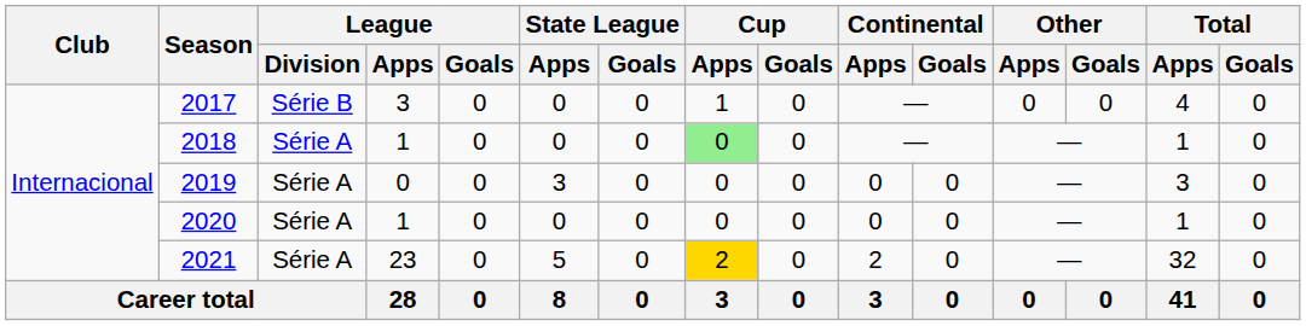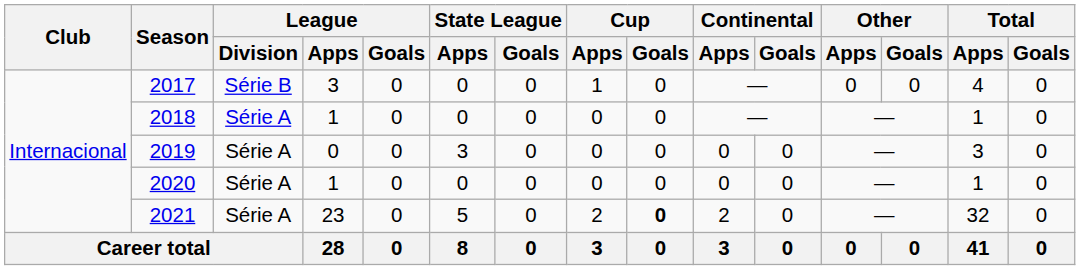 <table class="wikitable" style="text-align: center;">
 <tr>
 <th rowspan="2">Club</th>
 <th rowspan="2">Season</th>
 <th colspan="3">League</th>
 <th colspan="2">State League</th>
 <th colspan="2">Cup</th>
 <th colspan="2">Continental</th>
 <th colspan="2">Other</th>
 <th colspan="2">Total</th>
 </tr>
 <tr>
 <th>Division</th>
 <th>Apps</th>
 <th>Goals</th>
 <th>Apps</th>
 <th>Goals</th>
 <th>Apps</th>
 <th>Goals</th>
 <th>Apps</th>
 <th>Goals</th>
 <th>Apps</th>
 <th>Goals</th>
 <th>Apps</th>
 <th>Goals</th>
 </tr>
 <tr>
 <td rowspan="5"><a href='#'>Internacional</a></td>
 <td><a href='#'>2017</a></td>
 <td><a href='#'>Série B</a></td>
 <td>3</td>
 <td>0</td>
 <td>0</td>
 <td>0</td>
 <td>1</td>
 <td>0</td>
 <td colspan="2">—</td>
 <td>0</td>
 <td>0</td>
 <td>4</td>
 <td>0</td>
 </tr>
 <tr>
 <td><a href='#'>2018</a></td>
 <td><a href='#'>Série A</a></td>
 <td>1</td>
 <td>0</td>
 <td>0</td>
 <td>0</td>
-<td style="background: lightgreen;">0</td>
+<td>0</td>
 <td>0</td>
 <td colspan="2">—</td>
 <td colspan="2">—</td>
 <td>1</td>
 <td>0</td>
 </tr>
 <tr>
 <td><a href='#'>2019</a></td>
 <td>Série A</td>
 <td>0</td>
 <td>0</td>
 <td>3</td>
 <td>0</td>
 <td>0</td>
 <td>0</td>
 <td>0</td>
 <td>0</td>
 <td colspan="2">—</td>
 <td>3</td>
 <td>0</td>
 </tr>
 <tr>
 <td><a href='#'>2020</a></td>
 <td>Série A</td>
 <td>1</td>
 <td>0</td>
 <td>0</td>
 <td>0</td>
 <td>0</td>
 <td>0</td>
 <td>0</td>
 <td>0</td>
 <td colspan="2">—</td>
 <td>1</td>
 <td>0</td>
 </tr>
 <tr>
 <td><a href='#'>2021</a></td>
 <td>Série A</td>
 <td>23</td>
 <td>0</td>
 <td>5</td>
 <td>0</td>
-<td style="background: gold;">2</td>
-<td>0</td>
+<td>2</td>
+<td><strong>0</strong></td>
 <td>2</td>
 <td>0</td>
 <td colspan="2">—</td>
 <td>32</td>
 <td>0</td>
 </tr>
 <tr>
 <th colspan="3">Career total</th>
 <th>28</th>
 <th>0</th>
 <th>8</th>
 <th>0</th>
 <th>3</th>
 <th>0</th>
 <th>3</th>
 <th>0</th>
 <th>0</th>
 <th>0</th>
 <th>41</th>
 <th>0</th>
 </tr>
 </table>
